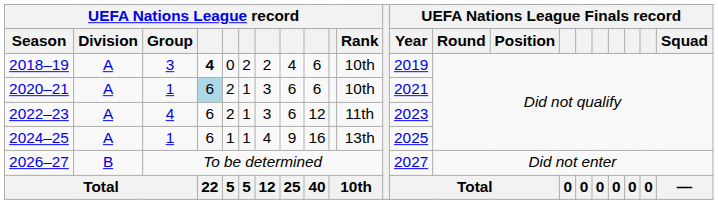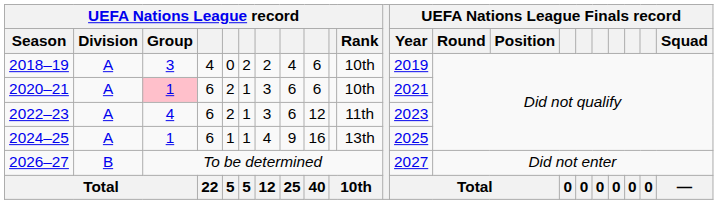 <table class="wikitable" style="text-align: center">
 <tr>
 <th colspan=11><a href='#'>UEFA Nations League</a> record</th>
 <th style="width:1%;" rowspan=9></th>
 <th colspan=10>UEFA Nations League Finals record</th>
 </tr>
 <tr>
 <th>Season</th>
 <th>Division</th>
 <th>Group</th>
 <th></th>
 <th></th>
 <th></th>
 <th></th>
 <th></th>
 <th></th>
 <th></th>
 <th>Rank</th>
 <th>Year</th>
 <th>Round</th>
 <th>Position</th>
 <th></th>
 <th></th>
 <th></th>
 <th></th>
 <th></th>
 <th></th>
 <th>Squad</th>
 </tr>
 <tr>
 <td><a href='#'>2018–19</a></td>
 <td><a href='#'>A</a></td>
 <td><a href='#'>3</a></td>
-<td><strong>4</strong></td>
+<td>4</td>
 <td>0</td>
 <td>2</td>
 <td>2</td>
 <td>4</td>
 <td>6</td>
 <td></td>
 <td>10th</td>
 <td> <a href='#'>2019</a></td>
 <td colspan="10" rowspan="4"><em>Did not qualify</em></td>
 </tr>
 <tr>
 <td><a href='#'>2020–21</a></td>
 <td><a href='#'>A</a></td>
-<td><a href='#'>1</a></td>
-<td style="background: lightblue;">6</td>
+<td style="background: pink;"><a href='#'>1</a></td>
+<td>6</td>
 <td>2</td>
 <td>1</td>
 <td>3</td>
 <td>6</td>
 <td>6</td>
 <td></td>
 <td>10th</td>
 <td> <a href='#'>2021</a></td>
 </tr>
 <tr>
 <td><a href='#'>2022–23</a></td>
 <td><a href='#'>A</a></td>
 <td><a href='#'>4</a></td>
 <td>6</td>
 <td>2</td>
 <td>1</td>
 <td>3</td>
 <td>6</td>
 <td>12</td>
 <td></td>
 <td>11th</td>
 <td> <a href='#'>2023</a></td>
 </tr>
 <tr>
 <td><a href='#'>2024–25</a></td>
 <td><a href='#'>A</a></td>
 <td><a href='#'>1</a></td>
 <td>6</td>
 <td>1</td>
 <td>1</td>
 <td>4</td>
 <td>9</td>
 <td>16</td>
 <td></td>
 <td>13th</td>
 <td> <a href='#'>2025</a></td>
 </tr>
 <tr>
 <td><a href='#'>2026–27</a></td>
 <td><a href='#'>B</a></td>
 <td colspan="9"><em>To be determined</em></td>
 <td> <a href='#'>2027</a></td>
 <td colspan="9"><em>Did not enter</em></td>
 </tr>
 <tr>
 <th colspan="3">Total</th>
 <th>22</th>
 <th>5</th>
 <th>5</th>
 <th>12</th>
 <th>25</th>
 <th>40</th>
 <th colspan="2">10th</th>
 <th colspan="3">Total</th>
 <th>0</th>
 <th>0</th>
 <th>0</th>
 <th>0</th>
 <th>0</th>
 <th>0</th>
 <th>—</th>
 </tr>
 </table>
